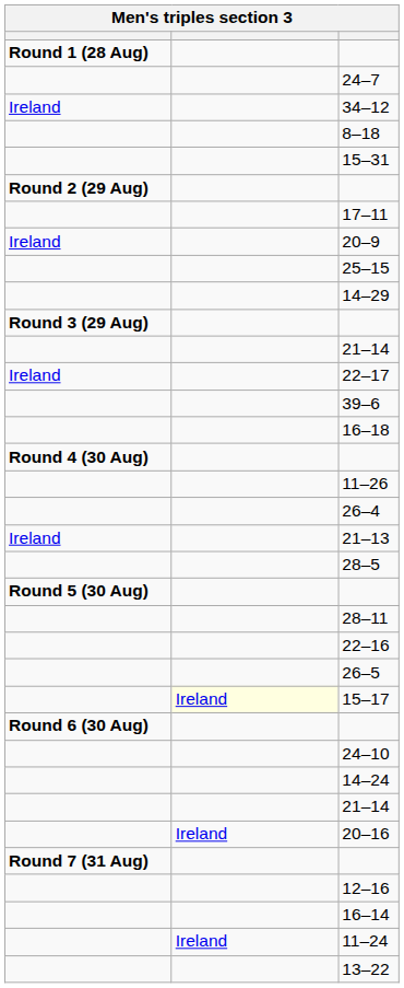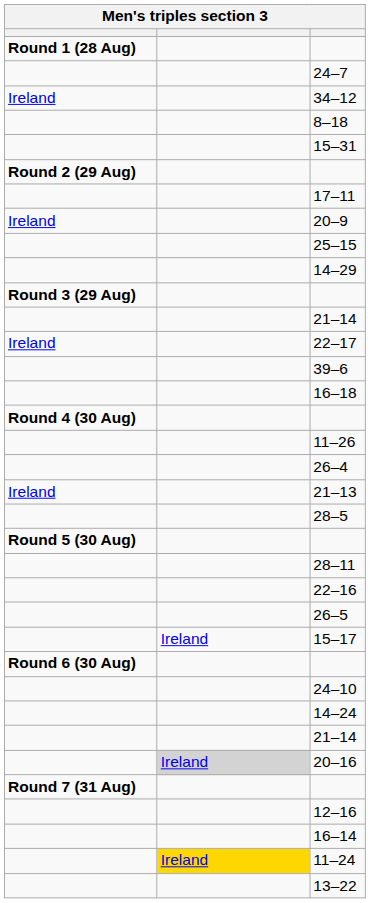 <table class="wikitable">
 <tr>
 <th colspan="3">Men's triples section 3</th>
 </tr>
 <tr>
 <th width=150></th>
 <th width=150></th>
 <th width=50></th>
 </tr>
 <tr>
 <td><strong>Round 1 (28 Aug)</strong></td>
 <td></td>
 <td></td>
 </tr>
 <tr>
 <td></td>
 <td></td>
 <td>24–7</td>
 </tr>
 <tr>
 <td> <a href='#'>Ireland</a></td>
 <td></td>
 <td>34–12</td>
 </tr>
 <tr>
 <td></td>
 <td></td>
 <td>8–18</td>
 </tr>
 <tr>
 <td></td>
 <td></td>
 <td>15–31</td>
 </tr>
 <tr>
 <td><strong>Round 2 (29 Aug)</strong></td>
 <td></td>
 <td></td>
 </tr>
 <tr>
 <td></td>
 <td></td>
 <td>17–11</td>
 </tr>
 <tr>
 <td> <a href='#'>Ireland</a></td>
 <td></td>
 <td>20–9</td>
 </tr>
 <tr>
 <td></td>
 <td></td>
 <td>25–15</td>
 </tr>
 <tr>
 <td></td>
 <td></td>
 <td>14–29</td>
 </tr>
 <tr>
 <td><strong>Round 3 (29 Aug)</strong></td>
 <td></td>
 <td></td>
 </tr>
 <tr>
 <td></td>
 <td></td>
 <td>21–14</td>
 </tr>
 <tr>
 <td> <a href='#'>Ireland</a></td>
 <td></td>
 <td>22–17</td>
 </tr>
 <tr>
 <td></td>
 <td></td>
 <td>39–6</td>
 </tr>
 <tr>
 <td></td>
 <td></td>
 <td>16–18</td>
 </tr>
 <tr>
 <td><strong>Round 4 (30 Aug)</strong></td>
 <td></td>
 <td></td>
 </tr>
 <tr>
 <td></td>
 <td></td>
 <td>11–26</td>
 </tr>
 <tr>
 <td></td>
 <td></td>
 <td>26–4</td>
 </tr>
 <tr>
 <td> <a href='#'>Ireland</a></td>
 <td></td>
 <td>21–13</td>
 </tr>
 <tr>
 <td></td>
 <td></td>
 <td>28–5</td>
 </tr>
 <tr>
 <td><strong>Round 5 (30 Aug)</strong></td>
 <td></td>
 <td></td>
 </tr>
 <tr>
 <td></td>
 <td></td>
 <td>28–11</td>
 </tr>
 <tr>
 <td></td>
 <td></td>
 <td>22–16</td>
 </tr>
 <tr>
 <td></td>
 <td></td>
 <td>26–5</td>
 </tr>
 <tr>
 <td></td>
-<td style="background: lightyellow;"> <a href='#'>Ireland</a></td>
+<td> <a href='#'>Ireland</a></td>
 <td>15–17</td>
 </tr>
 <tr>
 <td><strong>Round 6  (30 Aug)</strong></td>
 <td></td>
 <td></td>
 </tr>
 <tr>
 <td></td>
 <td></td>
 <td>24–10</td>
 </tr>
 <tr>
 <td></td>
 <td></td>
 <td>14–24</td>
 </tr>
 <tr>
 <td></td>
 <td></td>
 <td>21–14</td>
 </tr>
 <tr>
 <td></td>
-<td> <a href='#'>Ireland</a></td>
+<td style="background: lightgrey;"> <a href='#'>Ireland</a></td>
 <td>20–16</td>
 </tr>
 <tr>
 <td><strong>Round 7 (31 Aug)</strong></td>
 <td></td>
 <td></td>
 </tr>
 <tr>
 <td></td>
 <td></td>
 <td>12–16</td>
 </tr>
 <tr>
 <td></td>
 <td></td>
 <td>16–14</td>
 </tr>
 <tr>
 <td></td>
-<td> <a href='#'>Ireland</a></td>
+<td style="background: gold;"> <a href='#'>Ireland</a></td>
 <td>11–24</td>
 </tr>
 <tr –>
 <td></td>
 <td></td>
 <td>13–22</td>
 </tr>
 </table>
